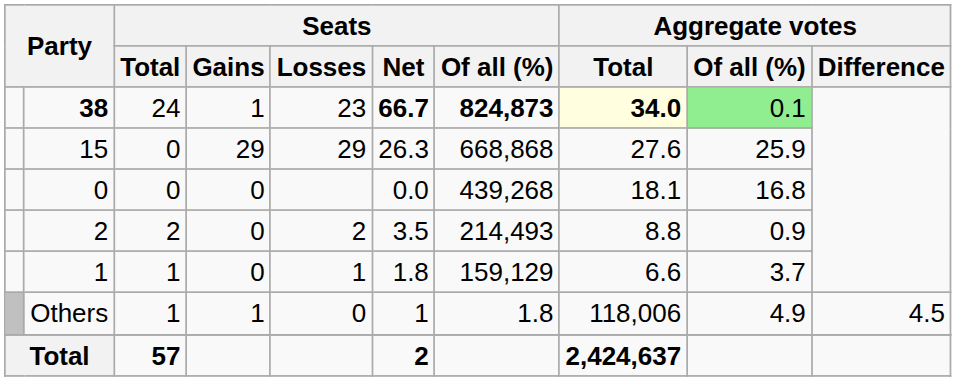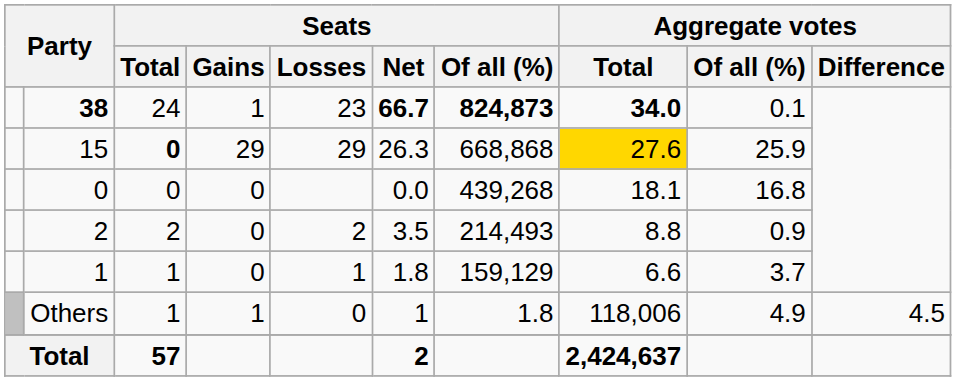 <table class="wikitable sortable" style="text-align:right; font-size:95%;">
 <tr>
 <th colspan="2" rowspan="2">Party</th>
 <th colspan="5">Seats</th>
 <th colspan="3">Aggregate votes</th>
 </tr>
 <tr>
 <th>Total</th>
 <th>Gains</th>
 <th>Losses</th>
 <th>Net</th>
 <th>Of all (%)</th>
 <th>Total</th>
 <th>Of all (%)</th>
 <th>Difference</th>
 </tr>
 <tr>
 <td></td>
 <td><strong>38</strong></td>
 <td>24</td>
 <td>1</td>
 <td>23</td>
 <td><strong>66.7</strong></td>
 <td><strong>824,873</strong></td>
-<td style="background: lightyellow;"><strong>34.0</strong></td>
-<td style="background: lightgreen;">0.1</td>
+<td><strong>34.0</strong></td>
+<td>0.1</td>
 </tr>
 <tr>
 <td></td>
 <td>15</td>
-<td>0</td>
+<td><strong>0</strong></td>
 <td>29</td>
 <td>29</td>
 <td>26.3</td>
 <td>668,868</td>
-<td>27.6</td>
+<td style="background: gold;">27.6</td>
 <td>25.9</td>
 </tr>
 <tr>
 <td></td>
 <td>0</td>
 <td>0</td>
 <td>0</td>
 <td></td>
 <td>0.0</td>
 <td>439,268</td>
 <td>18.1</td>
 <td>16.8</td>
 </tr>
 <tr>
 <td></td>
 <td>2</td>
 <td>2</td>
 <td>0</td>
 <td>2</td>
 <td>3.5</td>
 <td>214,493</td>
 <td>8.8</td>
 <td>0.9</td>
 </tr>
 <tr>
 <td></td>
 <td>1</td>
 <td>1</td>
 <td>0</td>
 <td>1</td>
 <td>1.8</td>
 <td>159,129</td>
 <td>6.6</td>
 <td>3.7</td>
 </tr>
 <tr>
 <td style="background:silver;"> </td>
 <td align=left>Others</td>
 <td>1</td>
 <td>1</td>
 <td>0</td>
 <td>1</td>
 <td>1.8</td>
 <td>118,006</td>
 <td>4.9</td>
 <td>4.5</td>
 </tr>
 <tr>
 </tr>
 <tr class="sortbottom" style="font-weight:bold;">
 <th colspan="2" scope="row" style="background-color:#f2f2f2;">Total</th>
 <td>57</td>
 <td></td>
 <td></td>
 <td> 2</td>
 <td></td>
 <td>2,424,637</td>
 <td></td>
 <td></td>
 </tr>
 </table>
